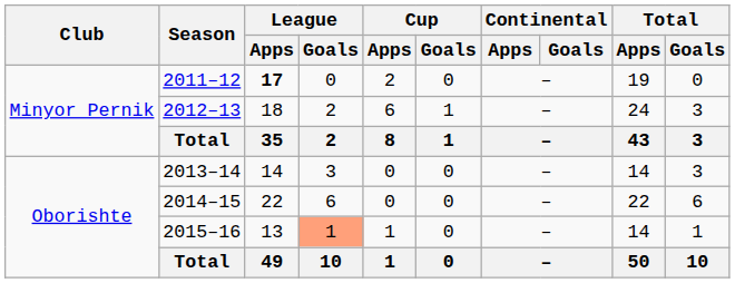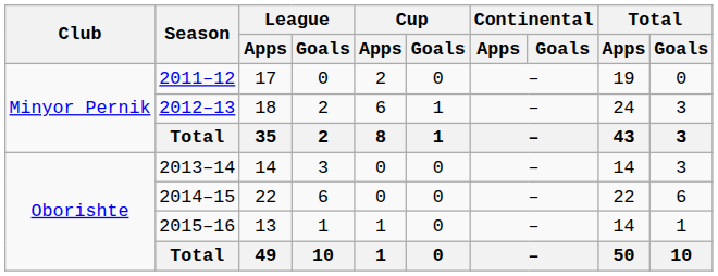 <table class="wikitable" style="text-align:center">
 <tr>
 <th rowspan="2">Club</th>
 <th rowspan="2">Season</th>
 <th colspan="2">League</th>
 <th colspan="2">Cup</th>
 <th colspan="2">Continental</th>
 <th colspan="2">Total</th>
 </tr>
 <tr>
 <th>Apps</th>
 <th>Goals</th>
 <th>Apps</th>
 <th>Goals</th>
 <th>Apps</th>
 <th>Goals</th>
 <th>Apps</th>
 <th>Goals</th>
 </tr>
 <tr>
 <td rowspan="3"><a href='#'>Minyor Pernik</a></td>
 <td><a href='#'>2011–12</a></td>
-<td><strong>17</strong></td>
+<td>17</td>
 <td>0</td>
 <td>2</td>
 <td>0</td>
 <td colspan="2">–</td>
 <td>19</td>
 <td>0</td>
 </tr>
 <tr>
 <td><a href='#'>2012–13</a></td>
 <td>18</td>
 <td>2</td>
 <td>6</td>
 <td>1</td>
 <td colspan="2">–</td>
 <td>24</td>
 <td>3</td>
 </tr>
 <tr>
 <th>Total</th>
 <th>35</th>
 <th>2</th>
 <th>8</th>
 <th>1</th>
 <th colspan="2">–</th>
 <th>43</th>
 <th>3</th>
 </tr>
 <tr>
 <td rowspan="4"><a href='#'>Oborishte</a></td>
 <td>2013–14</td>
 <td>14</td>
 <td>3</td>
 <td>0</td>
 <td>0</td>
 <td colspan="2">–</td>
 <td>14</td>
 <td>3</td>
 </tr>
 <tr>
 <td>2014–15</td>
 <td>22</td>
 <td>6</td>
 <td>0</td>
 <td>0</td>
 <td colspan="2">–</td>
 <td>22</td>
 <td>6</td>
 </tr>
 <tr>
 <td>2015–16</td>
 <td>13</td>
-<td style="background: lightsalmon;">1</td>
+<td>1</td>
 <td>1</td>
 <td>0</td>
 <td colspan="2">–</td>
 <td>14</td>
 <td>1</td>
 </tr>
 <tr>
 <th>Total</th>
 <th>49</th>
 <th>10</th>
 <th>1</th>
 <th>0</th>
 <th colspan="2">–</th>
 <th>50</th>
 <th>10</th>
 </tr>
 </table>
